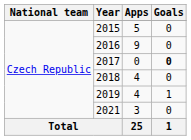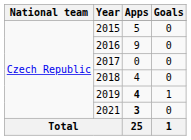 <table class="wikitable" style="text-align:center">
 <tr>
 <th>National team</th>
 <th>Year</th>
 <th>Apps</th>
 <th>Goals</th>
 </tr>
 <tr>
 <td rowspan="7"><a href='#'>Czech Republic</a></td>
 </tr>
 <tr>
 <td>2015</td>
 <td>5</td>
 <td>0</td>
 </tr>
 <tr>
 <td>2016</td>
 <td>9</td>
 <td>0</td>
 </tr>
 <tr>
 <td>2017</td>
 <td>0</td>
-<td><strong>0</strong></td>
+<td>0</td>
 </tr>
 <tr>
 <td>2018</td>
 <td>4</td>
 <td>0</td>
 </tr>
 <tr>
 <td>2019</td>
-<td>4</td>
+<td><strong>4</strong></td>
 <td>1</td>
 </tr>
 <tr>
 <td>2021</td>
-<td>3</td>
+<td><strong>3</strong></td>
 <td>0</td>
 </tr>
 <tr>
 <th colspan="2">Total</th>
 <th>25</th>
 <th>1</th>
 </tr>
 </table>
